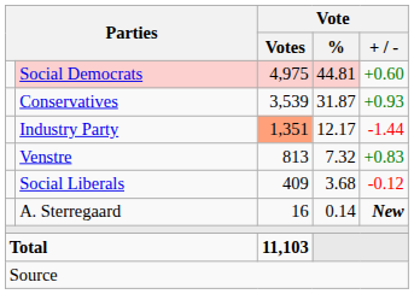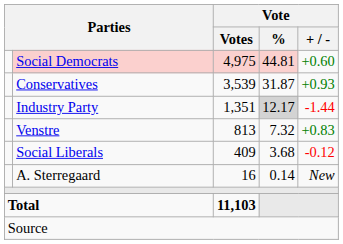 <table class="wikitable" style="text-align:right;">
 <tr>
 <th style="text-align:centre;" rowspan="2" colspan="2" width="225">Parties</th>
 <th colspan="3">Vote</th>
 </tr>
 <tr>
 <th width="15">Votes</th>
 <th width="15">%</th>
 <th width="15">+ / -</th>
 </tr>
 <tr>
 <td width="2" style="color:inherit;background:"></td>
 <td bgcolor=#fbd0ce  align="left"><a href='#'>Social Democrats</a></td>
 <td bgcolor=#fbd0ce>4,975</td>
 <td bgcolor=#fbd0ce>44.81</td>
 <td style=color:green;>+0.60</td>
 </tr>
 <tr>
 <td width="2" style="color:inherit;background:"></td>
 <td align="left"><a href='#'>Conservatives</a></td>
 <td>3,539</td>
 <td>31.87</td>
 <td style=color:green;>+0.93</td>
 </tr>
 <tr>
 <td width="2" style="color:inherit;background:"></td>
 <td align="left"><a href='#'>Industry Party</a></td>
-<td style="background: lightsalmon;">1,351</td>
-<td>12.17</td>
+<td>1,351</td>
+<td style="background: lightgrey;">12.17</td>
 <td style=color:red;>-1.44</td>
 </tr>
 <tr>
 <td width="2" style="color:inherit;background:"></td>
 <td align="left"><a href='#'>Venstre</a></td>
 <td>813</td>
 <td>7.32</td>
 <td style=color:green;>+0.83</td>
 </tr>
 <tr>
 <td width="2" style="color:inherit;background:"></td>
 <td align="left"><a href='#'>Social Liberals</a></td>
 <td>409</td>
 <td>3.68</td>
 <td style=color:red;>-0.12</td>
 </tr>
 <tr>
 <td width="2" style="color:inherit;background:"></td>
 <td align="left">A. Sterregaard</td>
 <td>16</td>
 <td>0.14</td>
-<td><strong><em>New</em></strong></td>
+<td><em>New</em></td>
 </tr>
 <tr>
 <td colspan="7" bgcolor="#E9E9E9"></td>
 </tr>
 <tr>
 <td align="left" colspan="2"><strong>Total</strong></td>
 <td><strong>11,103</strong></td>
 <td bgcolor="#E9E9E9" colspan="2"></td>
 </tr>
 <tr>
 <td align="left" colspan="6">Source</td>
 </tr>
 </table>
